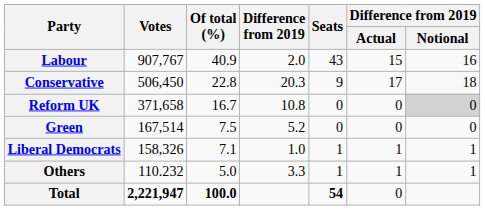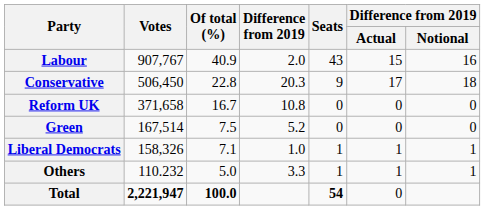 <table class="wikitable plainrowheaders" style="text-align:right;">
 <tr>
 <th scope="col" rowspan=2>Party</th>
 <th scope="col" rowspan=2>Votes</th>
 <th scope="col" rowspan=2>Of total <br>(%)</th>
 <th scope="col" rowspan=2>Difference <br>from 2019</th>
 <th scope="col" rowspan=2>Seats</th>
 <th scope="col" colspan=2>Difference from 2019</th>
 </tr>
 <tr>
 <th scope="col">Actual</th>
 <th scope="col">Notional</th>
 </tr>
 <tr>
 <th scope="row"><a href='#'>Labour</a></th>
 <td>907,767</td>
 <td>40.9</td>
 <td> 2.0</td>
 <td>43</td>
 <td> 15</td>
 <td> 16</td>
 </tr>
 <tr>
 <th scope="row"><a href='#'>Conservative</a></th>
 <td>506,450</td>
 <td>22.8</td>
 <td> 20.3</td>
 <td>9</td>
 <td> 17</td>
 <td> 18</td>
 </tr>
 <tr>
 <th scope="row"><a href='#'>Reform UK</a></th>
 <td>371,658</td>
 <td>16.7</td>
 <td> 10.8</td>
 <td>0</td>
 <td> 0</td>
-<td style="background: lightgrey;"> 0</td>
+<td> 0</td>
 </tr>
 <tr>
 <th scope="row"><a href='#'>Green</a></th>
 <td>167,514</td>
 <td>7.5</td>
 <td> 5.2</td>
 <td>0</td>
 <td> 0</td>
 <td> 0</td>
 </tr>
 <tr>
 <th scope="row"><a href='#'>Liberal Democrats</a></th>
 <td>158,326</td>
 <td>7.1</td>
 <td> 1.0</td>
 <td>1</td>
 <td> 1</td>
 <td> 1</td>
 </tr>
 <tr>
 <th scope="row">Others</th>
 <td>110.232</td>
 <td>5.0</td>
 <td> 3.3</td>
 <td>1</td>
 <td> 1</td>
 <td> 1</td>
 </tr>
 <tr>
 <th scope="row"><strong>Total</strong></th>
 <td><strong>2,221,947</strong></td>
 <td><strong>100.0</strong></td>
 <td></td>
 <td><strong>54</strong></td>
 <td> 0</td>
 <td></td>
 </tr>
 </table>
